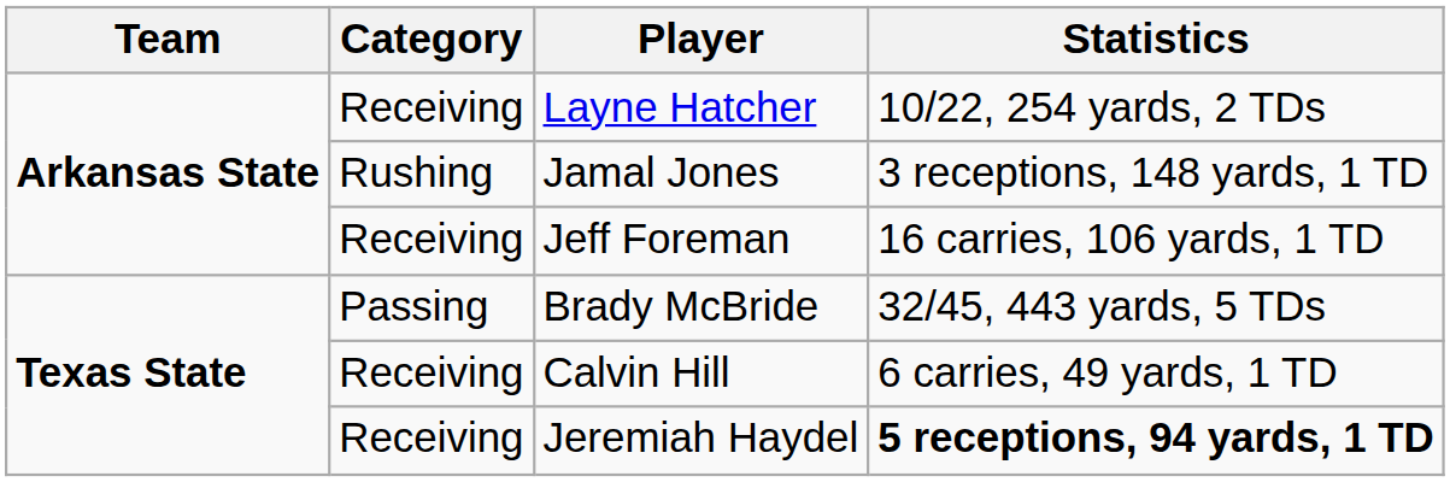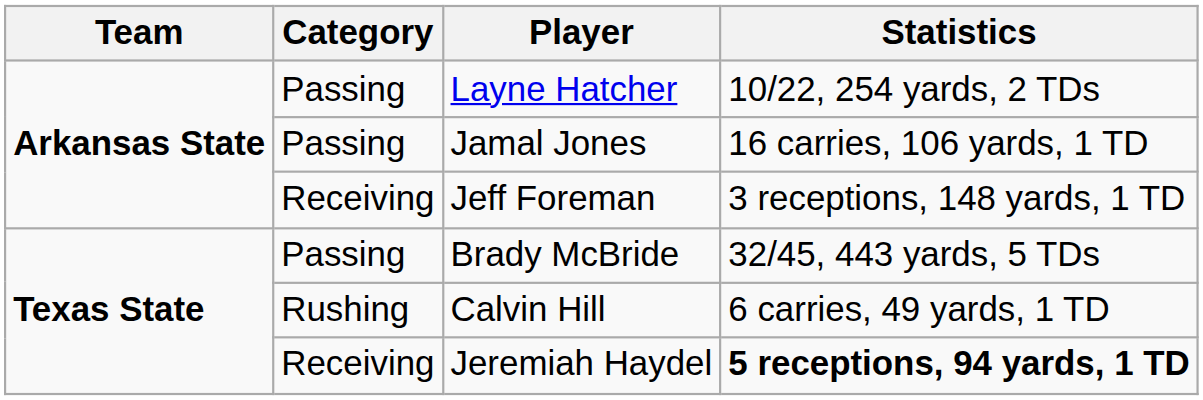 <table class="wikitable" style="float: left;">
 <tr>
 <th>Team</th>
 <th>Category</th>
 <th>Player</th>
 <th>Statistics</th>
 </tr>
 <tr>
 <td rowspan=3><strong>Arkansas State</strong></td>
-<td>Receiving</td>
+<td>Passing</td>
 <td><a href='#'>Layne Hatcher</a></td>
 <td>10/22, 254 yards, 2 TDs</td>
 </tr>
 <tr>
-<td>Rushing</td>
+<td>Passing</td>
 <td>Jamal Jones</td>
-<td>3 receptions, 148 yards, 1 TD</td>
+<td>16 carries, 106 yards, 1 TD</td>
 </tr>
 <tr>
 <td>Receiving</td>
 <td>Jeff Foreman</td>
-<td>16 carries, 106 yards, 1 TD</td>
+<td>3 receptions, 148 yards, 1 TD</td>
 </tr>
 <tr>
 <td rowspan=3><strong>Texas State</strong></td>
 <td>Passing</td>
 <td>Brady McBride</td>
 <td>32/45, 443 yards, 5 TDs</td>
 </tr>
 <tr>
-<td>Receiving</td>
+<td>Rushing</td>
 <td>Calvin Hill</td>
 <td>6 carries, 49 yards, 1 TD</td>
 </tr>
 <tr>
 <td>Receiving</td>
 <td>Jeremiah Haydel</td>
 <td><strong>5 receptions, 94 yards, 1 TD</strong></td>
 </tr>
 </table>
